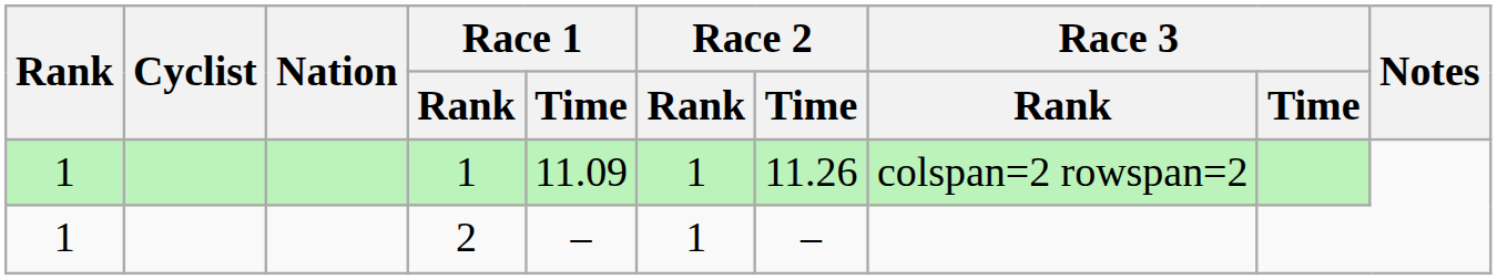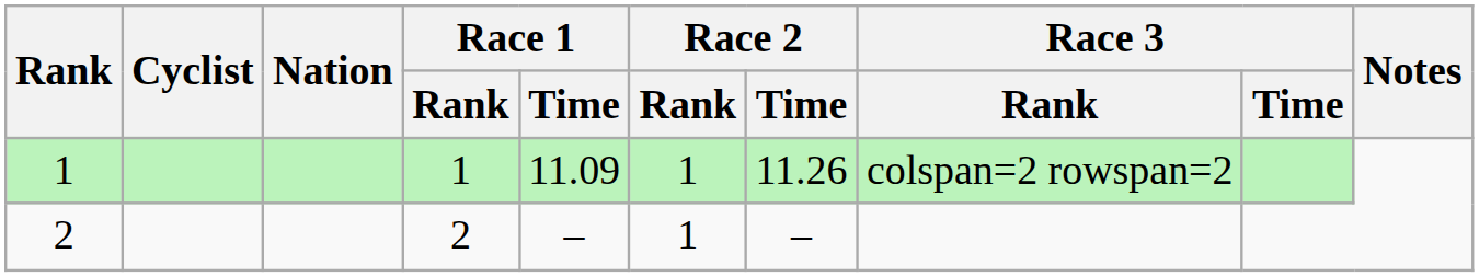 <table class="wikitable sortable" style="text-align:center">
 <tr>
 <th rowspan=2>Rank</th>
 <th rowspan=2>Cyclist</th>
 <th rowspan=2>Nation</th>
 <th colspan=2>Race 1</th>
 <th colspan=2>Race 2</th>
 <th colspan=2>Race 3</th>
 <th rowspan=2>Notes</th>
 </tr>
 <tr>
 <th>Rank</th>
 <th>Time</th>
 <th>Rank</th>
 <th>Time</th>
 <th>Rank</th>
 <th>Time</th>
 </tr>
 <tr bgcolor=bbf3bb>
 <td>1</td>
 <td align=left></td>
 <td align=left></td>
 <td>1</td>
 <td>11.09</td>
 <td>1</td>
 <td>11.26</td>
 <td>colspan=2 rowspan=2 </td>
 <td></td>
 </tr>
 <tr>
-<td>1</td>
+<td>2</td>
 <td align=left></td>
 <td align=left></td>
 <td>2</td>
 <td>–</td>
 <td>1</td>
 <td>–</td>
 <td></td>
 </tr>
 </table>
